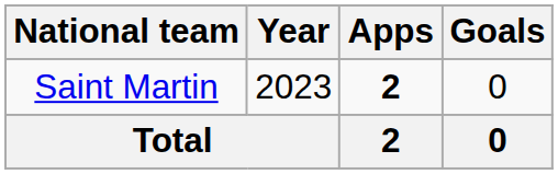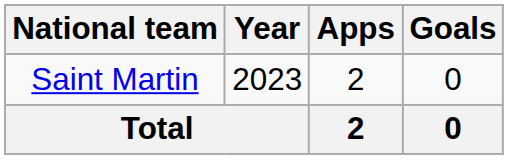 <table class=wikitable style=text-align:center>
 <tr>
 <th>National team</th>
 <th>Year</th>
 <th>Apps</th>
 <th>Goals</th>
 </tr>
 <tr>
 <td rowspan=1><a href='#'>Saint Martin</a></td>
 <td>2023</td>
-<td><strong>2</strong></td>
+<td>2</td>
 <td>0</td>
 </tr>
 <tr>
 <th colspan=2>Total</th>
 <th>2</th>
 <th>0</th>
 </tr>
 </table>
